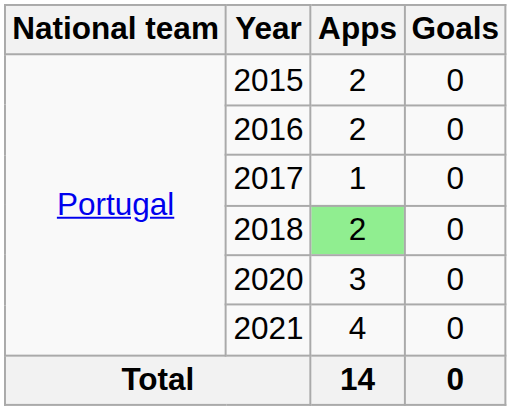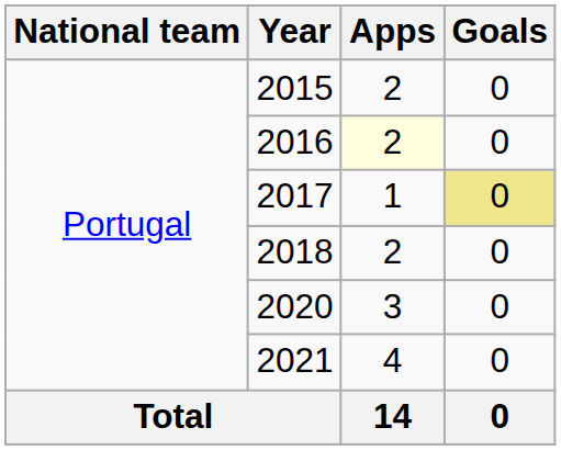 <table class="wikitable" style="text-align:center">
 <tr>
 <th>National team</th>
 <th>Year</th>
 <th>Apps</th>
 <th>Goals</th>
 </tr>
 <tr>
 <td rowspan="6"><a href='#'>Portugal</a></td>
 <td>2015</td>
 <td>2</td>
 <td>0</td>
 </tr>
 <tr>
 <td>2016</td>
-<td>2</td>
+<td style="background: lightyellow;">2</td>
 <td>0</td>
 </tr>
 <tr>
 <td>2017</td>
 <td>1</td>
-<td>0</td>
+<td style="background: khaki;">0</td>
 </tr>
 <tr>
 <td>2018</td>
-<td style="background: lightgreen;">2</td>
+<td>2</td>
 <td>0</td>
 </tr>
 <tr>
 <td>2020</td>
 <td>3</td>
 <td>0</td>
 </tr>
 <tr>
 <td>2021</td>
 <td>4</td>
 <td>0</td>
 </tr>
 <tr>
 <th colspan="2">Total</th>
 <th>14</th>
 <th>0</th>
 </tr>
 </table>
